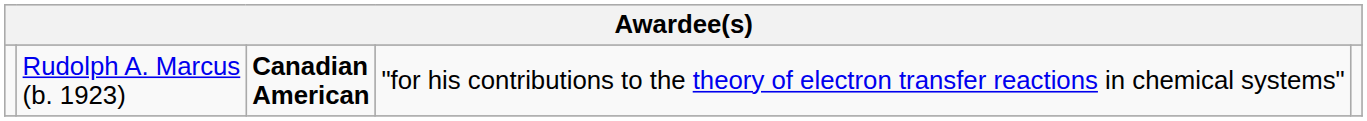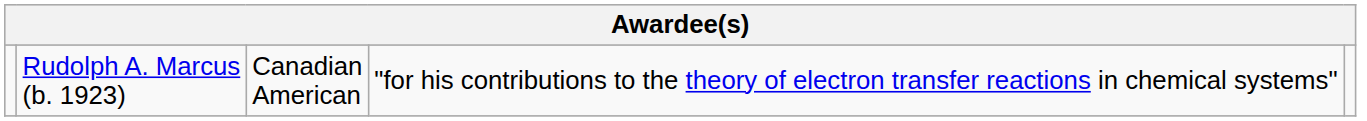 <table class="wikitable">
 <tr>
 <th colspan="5">Awardee(s)</th>
 </tr>
 <tr>
 <td></td>
 <td><a href='#'>Rudolph A. Marcus</a><br>(b. 1923)</td>
-<td><strong> Canadian<br> American</strong></td>
+<td> Canadian<br> American</td>
 <td>"for his contributions to the <a href='#'>theory of electron transfer reactions</a> in chemical systems"</td>
 <td></td>
 </tr>
 </table>
